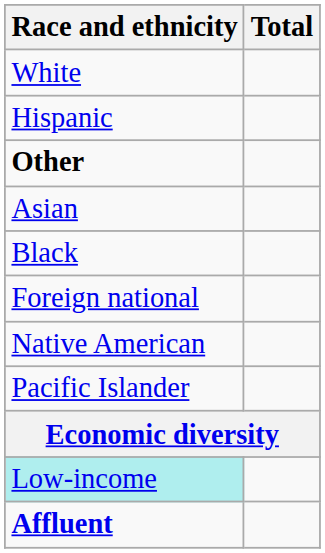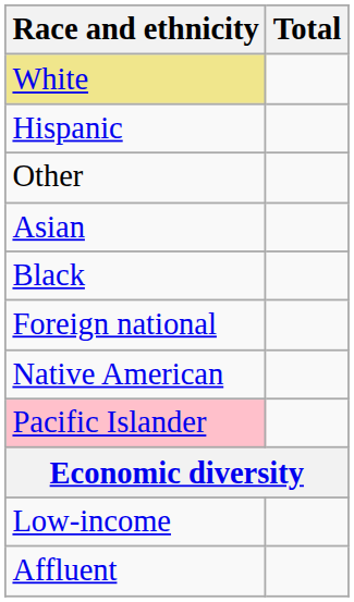 <table class="wikitable floatright sortable collapsible"; text-align:right; font-size:80%;">
 <tr>
 <th>Race and ethnicity</th>
 <th colspan="2" data-sort-type=number>Total</th>
 </tr>
 <tr>
-<td><a href='#'>White</a></td>
+<td style="background: khaki;"><a href='#'>White</a></td>
 <td align=right></td>
 </tr>
 <tr>
 <td><a href='#'>Hispanic</a></td>
 <td align=right></td>
 </tr>
 <tr>
-<td><strong>Other</strong></td>
+<td>Other</td>
 <td align=right></td>
 </tr>
 <tr>
 <td><a href='#'>Asian</a></td>
 <td align=right></td>
 </tr>
 <tr>
 <td><a href='#'>Black</a></td>
 <td align=right></td>
 </tr>
 <tr>
 <td><a href='#'>Foreign national</a></td>
 <td align=right></td>
 </tr>
 <tr>
 <td><a href='#'>Native American</a></td>
 <td align=right></td>
 </tr>
 <tr>
-<td><a href='#'>Pacific Islander</a></td>
+<td style="background: pink;"><a href='#'>Pacific Islander</a></td>
 <td align=right></td>
 </tr>
 <tr>
 <th colspan="4" data-sort-type=number><a href='#'>Economic diversity</a></th>
 </tr>
 <tr>
-<td style="background: paleturquoise;"><a href='#'>Low-income</a></td>
+<td><a href='#'>Low-income</a></td>
 <td align=right></td>
 </tr>
 <tr>
-<td><strong><a href='#'>Affluent</a></strong></td>
+<td><a href='#'>Affluent</a></td>
 <td align=right></td>
 </tr>
 </table>
